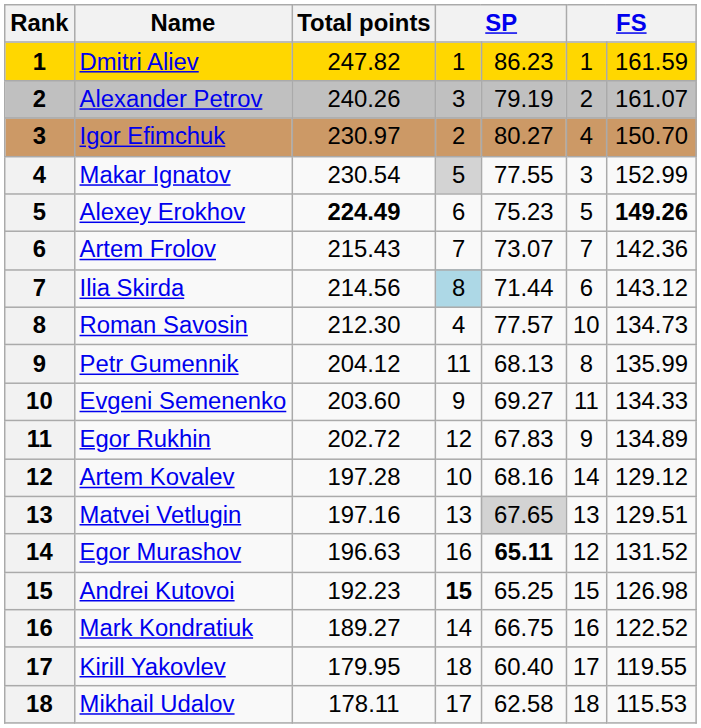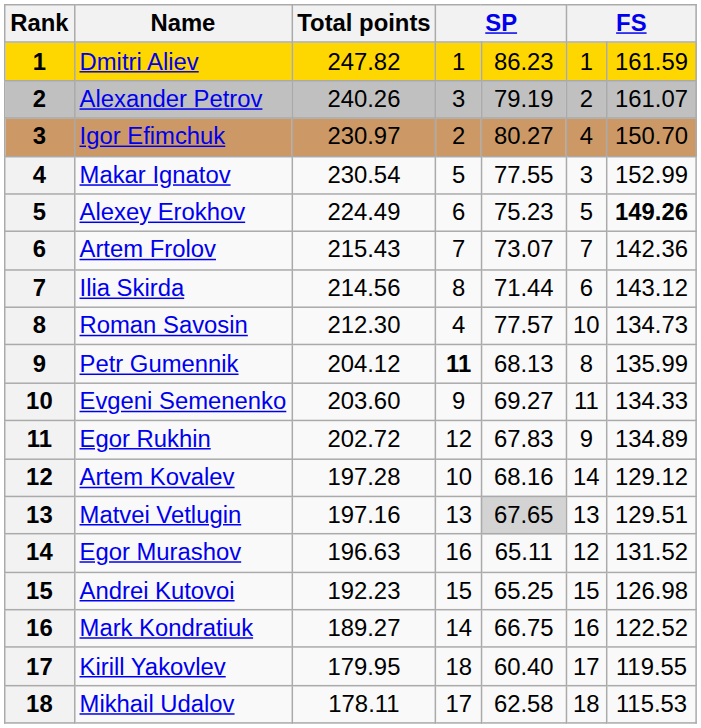 <table class="wikitable sortable">
 <tr>
 <th>Rank</th>
 <th>Name</th>
 <th>Total points</th>
 <th colspan="2" width="80px"><a href='#'>SP</a></th>
 <th colspan="2" width="80px"><a href='#'>FS</a></th>
 </tr>
 <tr bgcolor="gold">
 <td align="center"><strong>1</strong></td>
 <td><a href='#'>Dmitri Aliev</a></td>
 <td align="center">247.82</td>
 <td align="center">1</td>
 <td align="center">86.23</td>
 <td align="center">1</td>
 <td align="center">161.59</td>
 </tr>
 <tr bgcolor="silver">
 <td align="center"><strong>2</strong></td>
 <td><a href='#'>Alexander Petrov</a></td>
 <td align="center">240.26</td>
 <td align="center">3</td>
 <td align="center">79.19</td>
 <td align="center">2</td>
 <td align="center">161.07</td>
 </tr>
 <tr bgcolor="cc9966">
 <td align="center"><strong>3</strong></td>
 <td><a href='#'>Igor Efimchuk</a></td>
 <td align="center">230.97</td>
 <td align="center">2</td>
 <td align="center">80.27</td>
 <td align="center">4</td>
 <td align="center">150.70</td>
 </tr>
 <tr>
 <th>4</th>
 <td><a href='#'>Makar Ignatov</a></td>
 <td align="center">230.54</td>
-<td align="center" style="background: lightgrey;">5</td>
+<td align="center">5</td>
 <td align="center">77.55</td>
 <td align="center">3</td>
 <td align="center">152.99</td>
 </tr>
 <tr>
 <th>5</th>
 <td><a href='#'>Alexey Erokhov</a></td>
-<td align="center"><strong>224.49</strong></td>
+<td align="center">224.49</td>
 <td align="center">6</td>
 <td align="center">75.23</td>
 <td align="center">5</td>
 <td align="center"><strong>149.26</strong></td>
 </tr>
 <tr>
 <th>6</th>
 <td><a href='#'>Artem Frolov</a></td>
 <td align="center">215.43</td>
 <td align="center">7</td>
 <td align="center">73.07</td>
 <td align="center">7</td>
 <td align="center">142.36</td>
 </tr>
 <tr>
 <th>7</th>
 <td><a href='#'>Ilia Skirda</a></td>
 <td align="center">214.56</td>
-<td align="center" style="background: lightblue;">8</td>
+<td align="center">8</td>
 <td align="center">71.44</td>
 <td align="center">6</td>
 <td align="center">143.12</td>
 </tr>
 <tr>
 <th>8</th>
 <td><a href='#'>Roman Savosin</a></td>
 <td align="center">212.30</td>
 <td align="center">4</td>
 <td align="center">77.57</td>
 <td align="center">10</td>
 <td align="center">134.73</td>
 </tr>
 <tr>
 <th>9</th>
 <td><a href='#'>Petr Gumennik</a></td>
 <td align="center">204.12</td>
-<td align="center">11</td>
+<td align="center"><strong>11</strong></td>
 <td align="center">68.13</td>
 <td align="center">8</td>
 <td align="center">135.99</td>
 </tr>
 <tr>
 <th>10</th>
 <td><a href='#'>Evgeni Semenenko</a></td>
 <td align="center">203.60</td>
 <td align="center">9</td>
 <td align="center">69.27</td>
 <td align="center">11</td>
 <td align="center">134.33</td>
 </tr>
 <tr>
 <th>11</th>
 <td><a href='#'>Egor Rukhin</a></td>
 <td align="center">202.72</td>
 <td align="center">12</td>
 <td align="center">67.83</td>
 <td align="center">9</td>
 <td align="center">134.89</td>
 </tr>
 <tr>
 <th>12</th>
 <td><a href='#'>Artem Kovalev</a></td>
 <td align="center">197.28</td>
 <td align="center">10</td>
 <td align="center">68.16</td>
 <td align="center">14</td>
 <td align="center">129.12</td>
 </tr>
 <tr>
 <th>13</th>
 <td><a href='#'>Matvei Vetlugin</a></td>
 <td align="center">197.16</td>
 <td align="center">13</td>
 <td align="center" style="background: lightgrey;">67.65</td>
 <td align="center">13</td>
 <td align="center">129.51</td>
 </tr>
 <tr>
 <th>14</th>
 <td><a href='#'>Egor Murashov</a></td>
 <td align="center">196.63</td>
 <td align="center">16</td>
-<td align="center"><strong>65.11</strong></td>
+<td align="center">65.11</td>
 <td align="center">12</td>
 <td align="center">131.52</td>
 </tr>
 <tr>
 <th>15</th>
 <td><a href='#'>Andrei Kutovoi</a></td>
 <td align="center">192.23</td>
-<td align="center"><strong>15</strong></td>
+<td align="center">15</td>
 <td align="center">65.25</td>
 <td align="center">15</td>
 <td align="center">126.98</td>
 </tr>
 <tr>
 <th>16</th>
 <td><a href='#'>Mark Kondratiuk</a></td>
 <td align="center">189.27</td>
 <td align="center">14</td>
 <td align="center">66.75</td>
 <td align="center">16</td>
 <td align="center">122.52</td>
 </tr>
 <tr>
 <th>17</th>
 <td><a href='#'>Kirill Yakovlev</a></td>
 <td align="center">179.95</td>
 <td align="center">18</td>
 <td align="center">60.40</td>
 <td align="center">17</td>
 <td align="center">119.55</td>
 </tr>
 <tr>
 <th>18</th>
 <td><a href='#'>Mikhail Udalov</a></td>
 <td align="center">178.11</td>
 <td align="center">17</td>
 <td align="center">62.58</td>
 <td align="center">18</td>
 <td align="center">115.53</td>
 </tr>
 </table>
